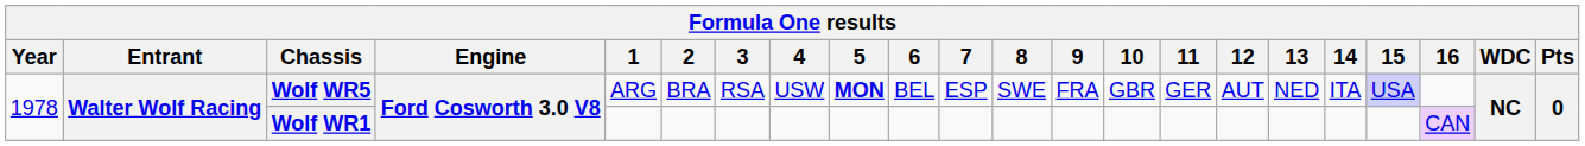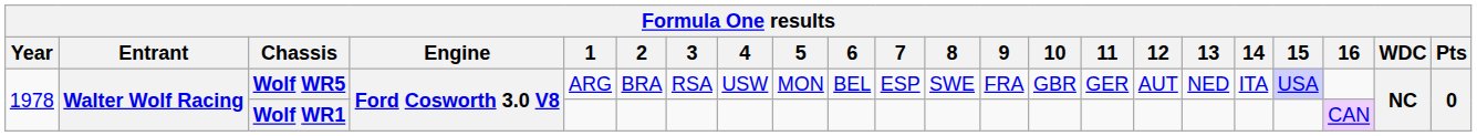 <table class="wikitable" style="text-align:center; font-size:90%">
 <tr>
 <th colspan=45><a href='#'>Formula One</a> results</th>
 </tr>
 <tr>
 <th>Year</th>
 <th>Entrant</th>
 <th>Chassis</th>
 <th>Engine</th>
 <th>1</th>
 <th>2</th>
 <th>3</th>
 <th>4</th>
 <th>5</th>
 <th>6</th>
 <th>7</th>
 <th>8</th>
 <th>9</th>
 <th>10</th>
 <th>11</th>
 <th>12</th>
 <th>13</th>
 <th>14</th>
 <th>15</th>
 <th>16</th>
 <th>WDC</th>
 <th>Pts</th>
 </tr>
 <tr>
 <td rowspan=2><a href='#'>1978</a></td>
 <th rowspan=2><a href='#'>Walter Wolf Racing</a></th>
 <th><a href='#'>Wolf</a> <a href='#'>WR5</a></th>
 <th rowspan=2><a href='#'>Ford</a> <a href='#'>Cosworth</a> 3.0 <a href='#'>V8</a></th>
 <td><a href='#'>ARG</a></td>
 <td><a href='#'>BRA</a></td>
 <td><a href='#'>RSA</a></td>
 <td><a href='#'>USW</a></td>
-<td><strong><a href='#'>MON</a></strong></td>
+<td><a href='#'>MON</a></td>
 <td><a href='#'>BEL</a></td>
 <td><a href='#'>ESP</a></td>
 <td><a href='#'>SWE</a></td>
 <td><a href='#'>FRA</a></td>
 <td><a href='#'>GBR</a></td>
 <td><a href='#'>GER</a></td>
 <td><a href='#'>AUT</a></td>
 <td><a href='#'>NED</a></td>
 <td><a href='#'>ITA</a></td>
 <td style="background:#CFCFFF;"><a href='#'>USA</a><br></td>
 <td></td>
 <th rowspan=2>NC</th>
 <th rowspan=2>0</th>
 </tr>
 <tr>
 <th><a href='#'>Wolf</a> <a href='#'>WR1</a></th>
 <td></td>
 <td></td>
 <td></td>
 <td></td>
 <td></td>
 <td></td>
 <td></td>
 <td></td>
 <td></td>
 <td></td>
 <td></td>
 <td></td>
 <td></td>
 <td></td>
 <td></td>
 <td style="background:#EFCFFF;"><a href='#'>CAN</a><br></td>
 </tr>
 </table>
